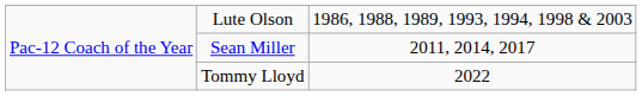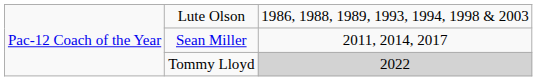 <table class="wikitable" style="text-align:center;">
 <tr>
 <td rowspan=3><a href='#'>Pac-12 Coach of the Year</a></td>
 <td>Lute Olson</td>
 <td>1986, 1988, 1989, 1993, 1994, 1998 & 2003</td>
 </tr>
 <tr>
 <td><a href='#'>Sean Miller</a></td>
 <td>2011, 2014, 2017</td>
 </tr>
 <tr>
 <td>Tommy Lloyd</td>
-<td>2022</td>
+<td style="background: lightgrey;">2022</td>
 </tr>
 </table>
